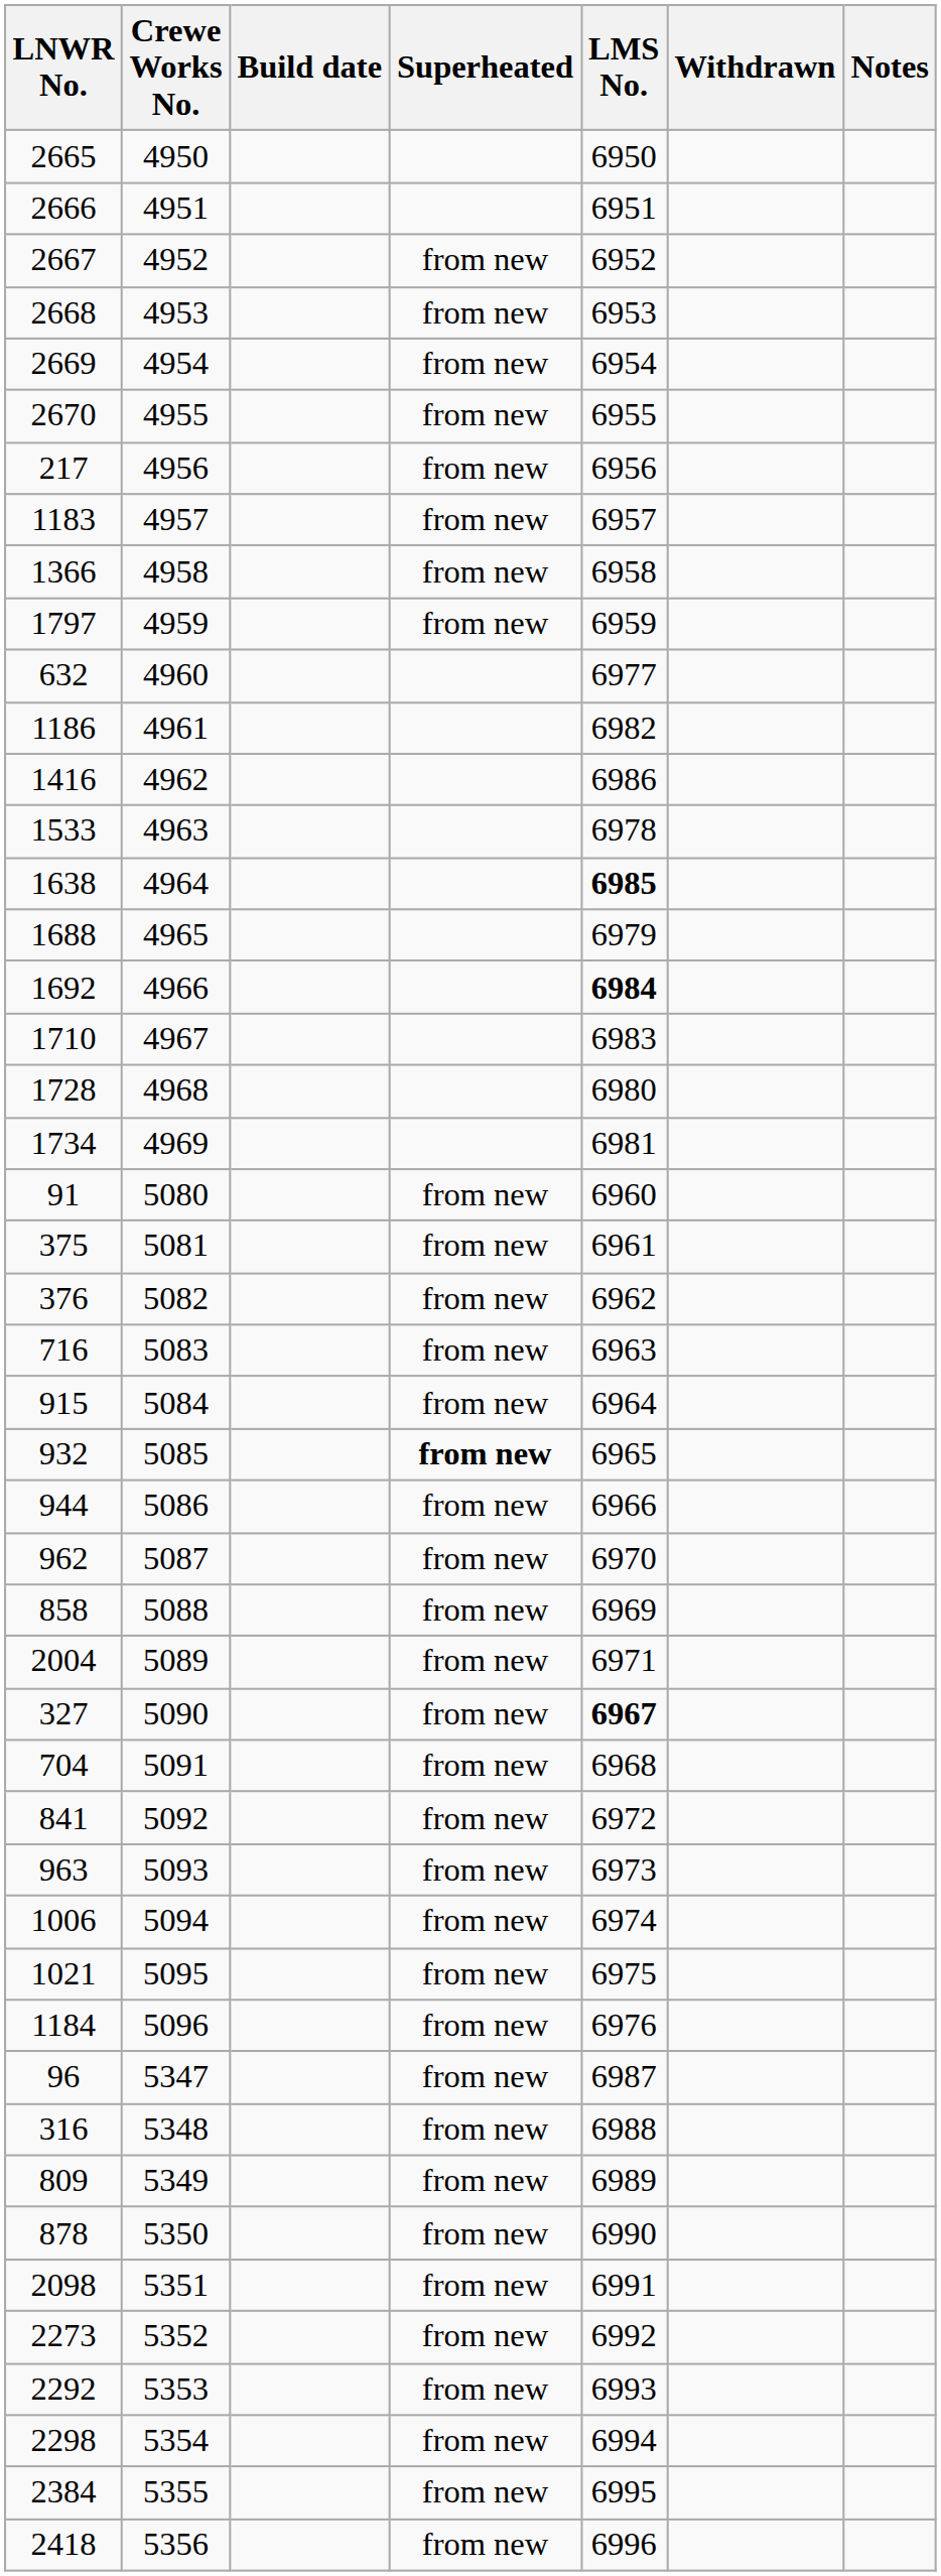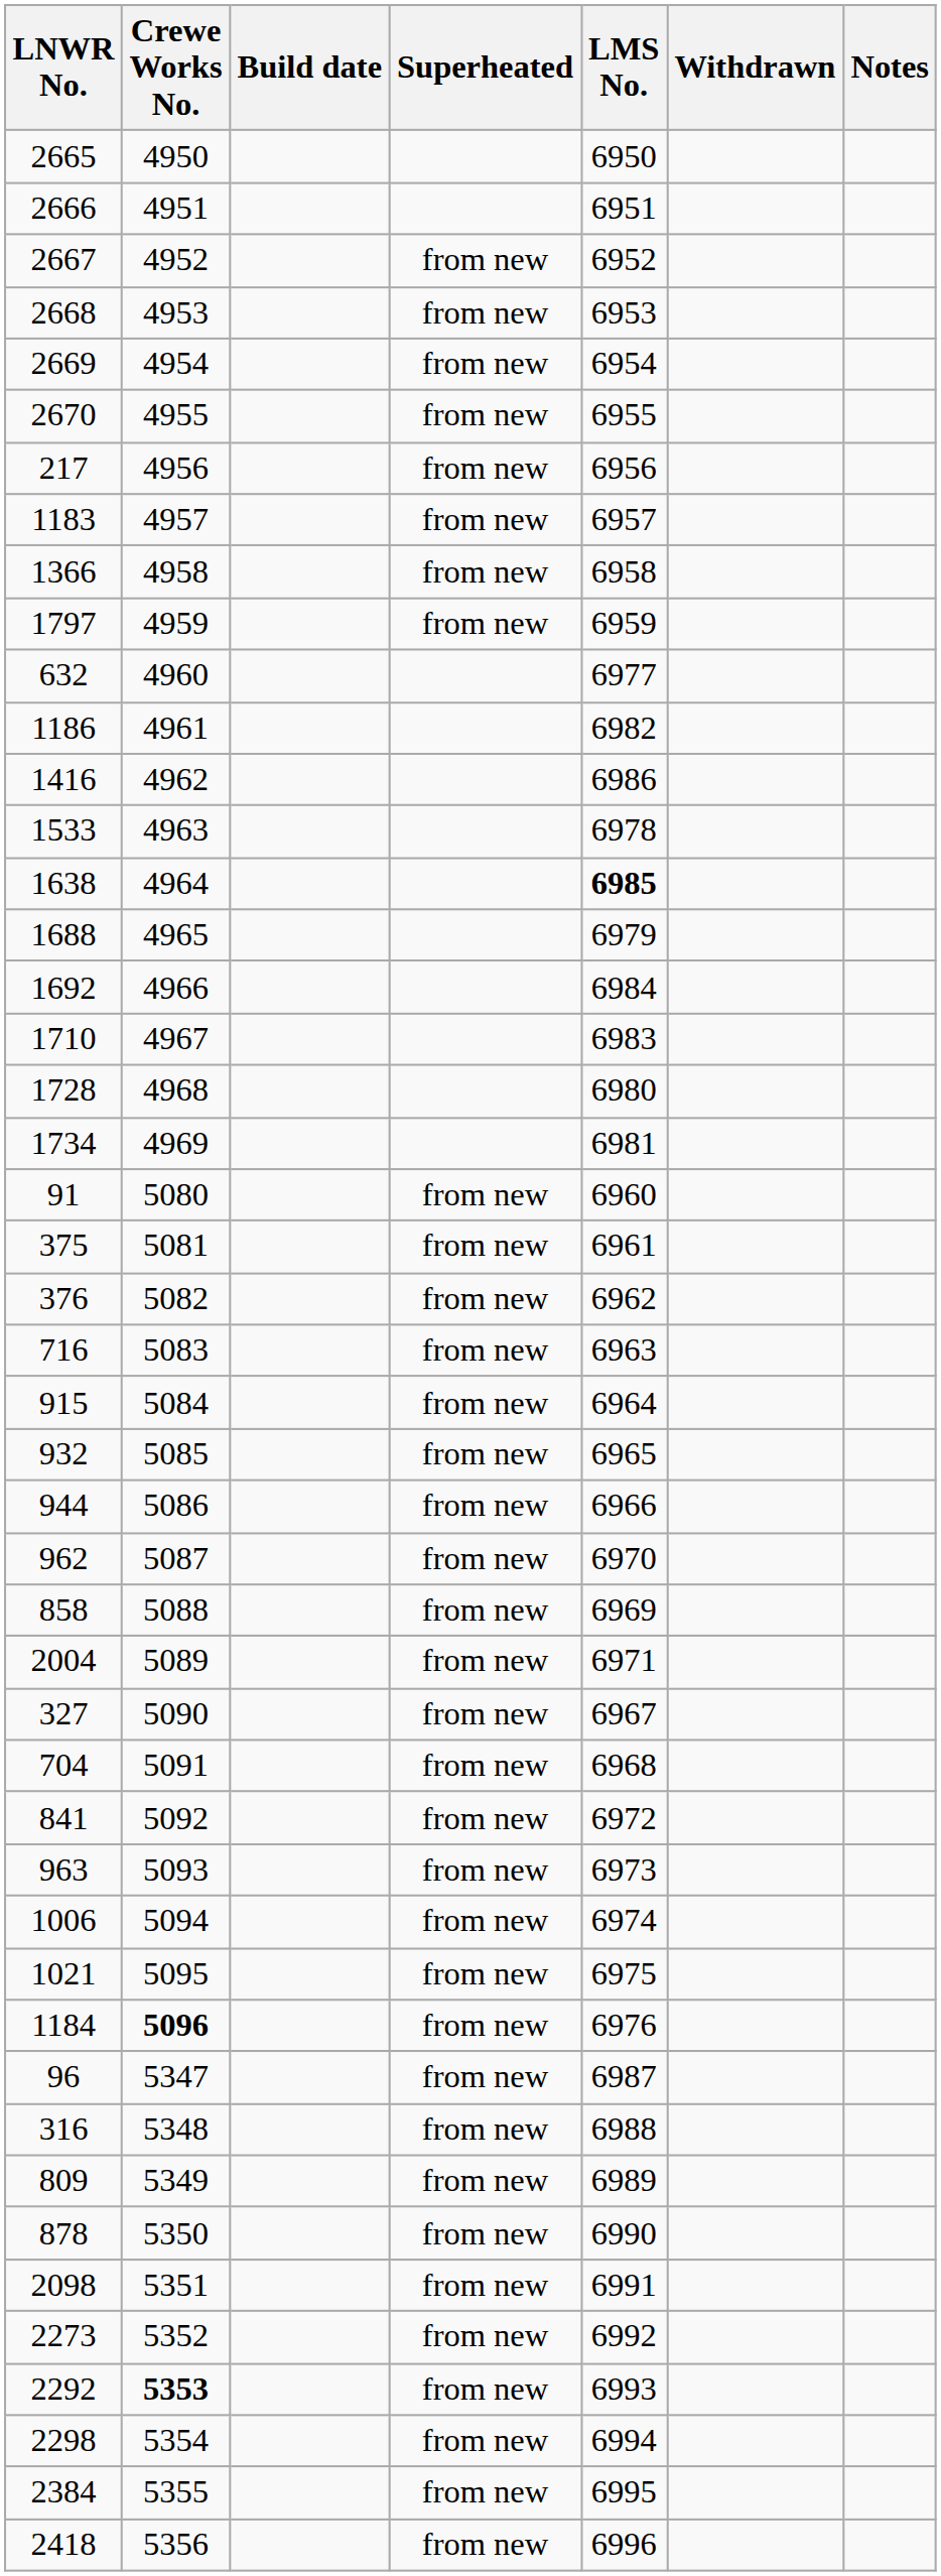 <table class="wikitable sortable collapsible collapsed" style=text-align:center;>
 <tr>
 <th>LNWR<br>No.</th>
 <th>Crewe<br>Works<br>No.</th>
 <th>Build date</th>
 <th>Superheated</th>
 <th>LMS<br>No.</th>
 <th>Withdrawn</th>
 <th>Notes</th>
 </tr>
 <tr>
 <td>2665</td>
 <td>4950</td>
 <td></td>
 <td></td>
 <td>6950</td>
 <td></td>
 <td></td>
 </tr>
 <tr>
 <td>2666</td>
 <td>4951</td>
 <td></td>
 <td></td>
 <td>6951</td>
 <td></td>
 <td></td>
 </tr>
 <tr>
 <td>2667</td>
 <td>4952</td>
 <td></td>
 <td>from new</td>
 <td>6952</td>
 <td></td>
 <td></td>
 </tr>
 <tr>
 <td>2668</td>
 <td>4953</td>
 <td></td>
 <td>from new</td>
 <td>6953</td>
 <td></td>
 <td></td>
 </tr>
 <tr>
 <td>2669</td>
 <td>4954</td>
 <td></td>
 <td>from new</td>
 <td>6954</td>
 <td></td>
 <td></td>
 </tr>
 <tr>
 <td>2670</td>
 <td>4955</td>
 <td></td>
 <td>from new</td>
 <td>6955</td>
 <td></td>
 <td></td>
 </tr>
 <tr>
 <td>217</td>
 <td>4956</td>
 <td></td>
 <td>from new</td>
 <td>6956</td>
 <td></td>
 <td></td>
 </tr>
 <tr>
 <td>1183</td>
 <td>4957</td>
 <td></td>
 <td>from new</td>
 <td>6957</td>
 <td></td>
 <td></td>
 </tr>
 <tr>
 <td>1366</td>
 <td>4958</td>
 <td></td>
 <td>from new</td>
 <td>6958</td>
 <td></td>
 <td></td>
 </tr>
 <tr>
 <td>1797</td>
 <td>4959</td>
 <td></td>
 <td>from new</td>
 <td>6959</td>
 <td></td>
 <td></td>
 </tr>
 <tr>
 <td>632</td>
 <td>4960</td>
 <td></td>
 <td></td>
 <td>6977</td>
 <td></td>
 <td></td>
 </tr>
 <tr>
 <td>1186</td>
 <td>4961</td>
 <td></td>
 <td></td>
 <td>6982</td>
 <td></td>
 <td></td>
 </tr>
 <tr>
 <td>1416</td>
 <td>4962</td>
 <td></td>
 <td></td>
 <td>6986</td>
 <td></td>
 <td></td>
 </tr>
 <tr>
 <td>1533</td>
 <td>4963</td>
 <td></td>
 <td></td>
 <td>6978</td>
 <td></td>
 <td></td>
 </tr>
 <tr>
 <td>1638</td>
 <td>4964</td>
 <td></td>
 <td></td>
 <td><strong>6985</strong></td>
 <td></td>
 <td></td>
 </tr>
 <tr>
 <td>1688</td>
 <td>4965</td>
 <td></td>
 <td></td>
 <td>6979</td>
 <td></td>
 <td></td>
 </tr>
 <tr>
 <td>1692</td>
 <td>4966</td>
 <td></td>
 <td></td>
-<td><strong>6984</strong></td>
+<td>6984</td>
 <td></td>
 <td></td>
 </tr>
 <tr>
 <td>1710</td>
 <td>4967</td>
 <td></td>
 <td></td>
 <td>6983</td>
 <td></td>
 <td></td>
 </tr>
 <tr>
 <td>1728</td>
 <td>4968</td>
 <td></td>
 <td></td>
 <td>6980</td>
 <td></td>
 <td></td>
 </tr>
 <tr>
 <td>1734</td>
 <td>4969</td>
 <td></td>
 <td></td>
 <td>6981</td>
 <td></td>
 <td></td>
 </tr>
 <tr>
 <td>91</td>
 <td>5080</td>
 <td></td>
 <td>from new</td>
 <td>6960</td>
 <td></td>
 <td></td>
 </tr>
 <tr>
 <td>375</td>
 <td>5081</td>
 <td></td>
 <td>from new</td>
 <td>6961</td>
 <td></td>
 <td></td>
 </tr>
 <tr>
 <td>376</td>
 <td>5082</td>
 <td></td>
 <td>from new</td>
 <td>6962</td>
 <td></td>
 <td></td>
 </tr>
 <tr>
 <td>716</td>
 <td>5083</td>
 <td></td>
 <td>from new</td>
 <td>6963</td>
 <td></td>
 <td></td>
 </tr>
 <tr>
 <td>915</td>
 <td>5084</td>
 <td></td>
 <td>from new</td>
 <td>6964</td>
 <td></td>
 <td></td>
 </tr>
 <tr>
 <td>932</td>
 <td>5085</td>
 <td></td>
-<td><strong>from new</strong></td>
+<td>from new</td>
 <td>6965</td>
 <td></td>
 <td></td>
 </tr>
 <tr>
 <td>944</td>
 <td>5086</td>
 <td></td>
 <td>from new</td>
 <td>6966</td>
 <td></td>
 <td></td>
 </tr>
 <tr>
 <td>962</td>
 <td>5087</td>
 <td></td>
 <td>from new</td>
 <td>6970</td>
 <td></td>
 <td></td>
 </tr>
 <tr>
 <td>858</td>
 <td>5088</td>
 <td></td>
 <td>from new</td>
 <td>6969</td>
 <td></td>
 <td></td>
 </tr>
 <tr>
 <td>2004</td>
 <td>5089</td>
 <td></td>
 <td>from new</td>
 <td>6971</td>
 <td></td>
 <td></td>
 </tr>
 <tr>
 <td>327</td>
 <td>5090</td>
 <td></td>
 <td>from new</td>
-<td><strong>6967</strong></td>
+<td>6967</td>
 <td></td>
 <td></td>
 </tr>
 <tr>
 <td>704</td>
 <td>5091</td>
 <td></td>
 <td>from new</td>
 <td>6968</td>
 <td></td>
 <td></td>
 </tr>
 <tr>
 <td>841</td>
 <td>5092</td>
 <td></td>
 <td>from new</td>
 <td>6972</td>
 <td></td>
 <td></td>
 </tr>
 <tr>
 <td>963</td>
 <td>5093</td>
 <td></td>
 <td>from new</td>
 <td>6973</td>
 <td></td>
 <td></td>
 </tr>
 <tr>
 <td>1006</td>
 <td>5094</td>
 <td></td>
 <td>from new</td>
 <td>6974</td>
 <td></td>
 <td></td>
 </tr>
 <tr>
 <td>1021</td>
 <td>5095</td>
 <td></td>
 <td>from new</td>
 <td>6975</td>
 <td></td>
 <td></td>
 </tr>
 <tr>
 <td>1184</td>
-<td>5096</td>
+<td><strong>5096</strong></td>
 <td></td>
 <td>from new</td>
 <td>6976</td>
 <td></td>
 <td></td>
 </tr>
 <tr>
 <td>96</td>
 <td>5347</td>
 <td></td>
 <td>from new</td>
 <td>6987</td>
 <td></td>
 <td></td>
 </tr>
 <tr>
 <td>316</td>
 <td>5348</td>
 <td></td>
 <td>from new</td>
 <td>6988</td>
 <td></td>
 <td></td>
 </tr>
 <tr>
 <td>809</td>
 <td>5349</td>
 <td></td>
 <td>from new</td>
 <td>6989</td>
 <td></td>
 <td></td>
 </tr>
 <tr>
 <td>878</td>
 <td>5350</td>
 <td></td>
 <td>from new</td>
 <td>6990</td>
 <td></td>
 <td></td>
 </tr>
 <tr>
 <td>2098</td>
 <td>5351</td>
 <td></td>
 <td>from new</td>
 <td>6991</td>
 <td></td>
 <td></td>
 </tr>
 <tr>
 <td>2273</td>
 <td>5352</td>
 <td></td>
 <td>from new</td>
 <td>6992</td>
 <td></td>
 <td></td>
 </tr>
 <tr>
 <td>2292</td>
-<td>5353</td>
+<td><strong>5353</strong></td>
 <td></td>
 <td>from new</td>
 <td>6993</td>
 <td></td>
 <td></td>
 </tr>
 <tr>
 <td>2298</td>
 <td>5354</td>
 <td></td>
 <td>from new</td>
 <td>6994</td>
 <td></td>
 <td></td>
 </tr>
 <tr>
 <td>2384</td>
 <td>5355</td>
 <td></td>
 <td>from new</td>
 <td>6995</td>
 <td></td>
 <td></td>
 </tr>
 <tr>
 <td>2418</td>
 <td>5356</td>
 <td></td>
 <td>from new</td>
 <td>6996</td>
 <td></td>
 <td></td>
 </tr>
 </table>
